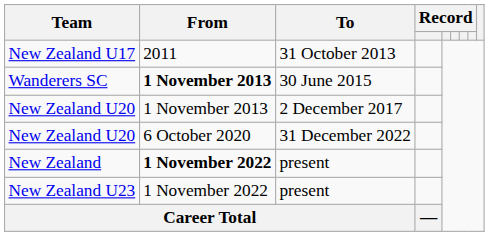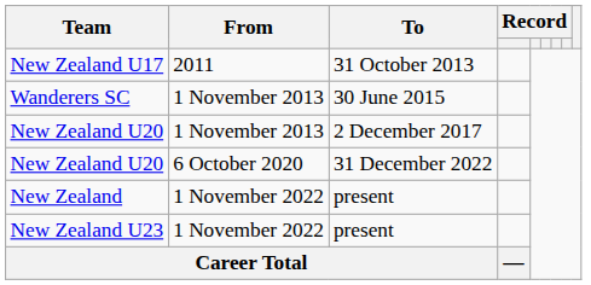 <table class="wikitable" style="text-align: left;">
 <tr>
 <th rowspan="2">Team</th>
 <th rowspan="2">From</th>
 <th rowspan="2">To</th>
 <th colspan="5">Record</th>
 <th rowspan="2"></th>
 </tr>
 <tr>
 <th></th>
 <th></th>
 <th></th>
 <th></th>
 <th></th>
 </tr>
 <tr>
 <td><a href='#'>New Zealand U17</a></td>
 <td>2011</td>
 <td>31 October 2013<br></td>
 <td></td>
 </tr>
 <tr>
 <td><a href='#'>Wanderers SC</a></td>
-<td><strong>1 November 2013</strong></td>
+<td>1 November 2013</td>
 <td>30 June 2015<br></td>
 <td></td>
 </tr>
 <tr>
 <td><a href='#'>New Zealand U20</a></td>
 <td>1 November 2013</td>
 <td>2 December 2017<br></td>
 <td></td>
 </tr>
 <tr>
 <td><a href='#'>New Zealand U20</a></td>
 <td>6 October 2020</td>
 <td>31 December 2022<br></td>
 <td></td>
 </tr>
 <tr>
 <td><a href='#'>New Zealand</a></td>
-<td><strong>1 November 2022</strong></td>
+<td>1 November 2022</td>
 <td>present<br></td>
 <td></td>
 </tr>
 <tr>
 <td><a href='#'>New Zealand U23</a></td>
 <td>1 November 2022</td>
 <td>present<br></td>
 <td></td>
 </tr>
 <tr>
 <th colspan=3><strong>Career Total</strong><br></th>
 <th>—</th>
 </tr>
 </table>
